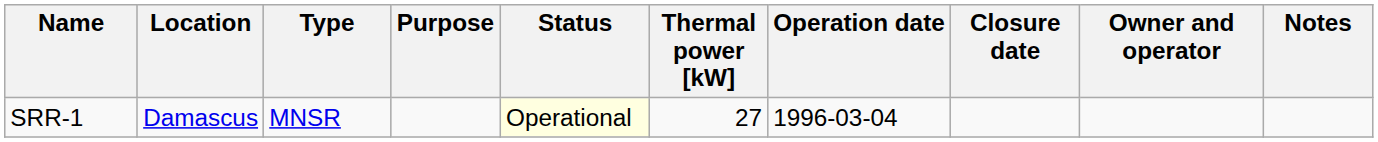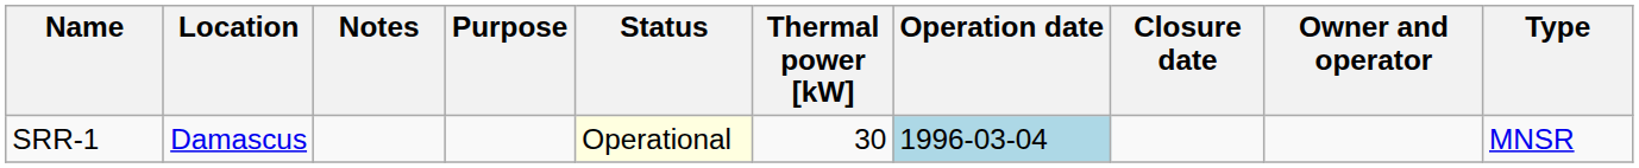 <table class="wikitable" >
 <tr valign="top">
 <th width="80">Name</th>
 <th width="65">Location</th>
-<th width="76">Type</th>
+<th width="65">Notes</th>
 <th width="65">Purpose</th>
 <th width="91">Status</th>
 <th width="70“">Thermal power [kW]</th>
 <th width=„67“>Operation date</th>
 <th width="78“">Closure date</th>
 <th width="113“">Owner and operator</th>
-<th width="65">Notes</th>
+<th width="76">Type</th>
 </tr>
 <tr valign="top">
 <td>SRR-1</td>
 <td><a href='#'>Damascus</a></td>
-<td><a href='#'>MNSR</a></td>
+<td></td>
 <td></td>
 <td style="background: lightyellow;">Operational</td>
-<td align="right">27</td>
-<td>1996-03-04</td>
+<td align="right">30</td>
+<td style="background: lightblue;">1996-03-04</td>
 <td></td>
 <td></td>
-<td></td>
+<td><a href='#'>MNSR</a></td>
 </tr>
 </table>
